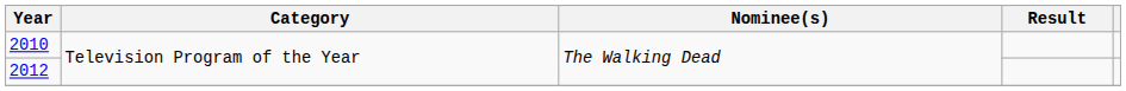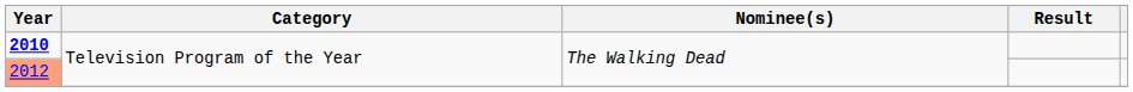 <table class="wikitable" width=100%>
 <tr>
 <th width=5%>Year</th>
 <th width=45%>Category</th>
 <th width=40%>Nominee(s)</th>
 <th width=10%>Result</th>
 <th width=5%></th>
 </tr>
 <tr>
-<td rowspan=1><a href='#'>2010</a></td>
+<td rowspan=1><strong><a href='#'>2010</a></strong></td>
 <td rowspan=2>Television Program of the Year</td>
 <td rowspan=2><em>The Walking Dead</em></td>
 <td></td>
 <td></td>
 </tr>
 <tr>
-<td rowspan=1><a href='#'>2012</a></td>
+<td rowspan=1 style="background: lightsalmon;"><a href='#'>2012</a></td>
 <td></td>
 <td></td>
 </tr>
 <tr>
 </tr>
 </table>
